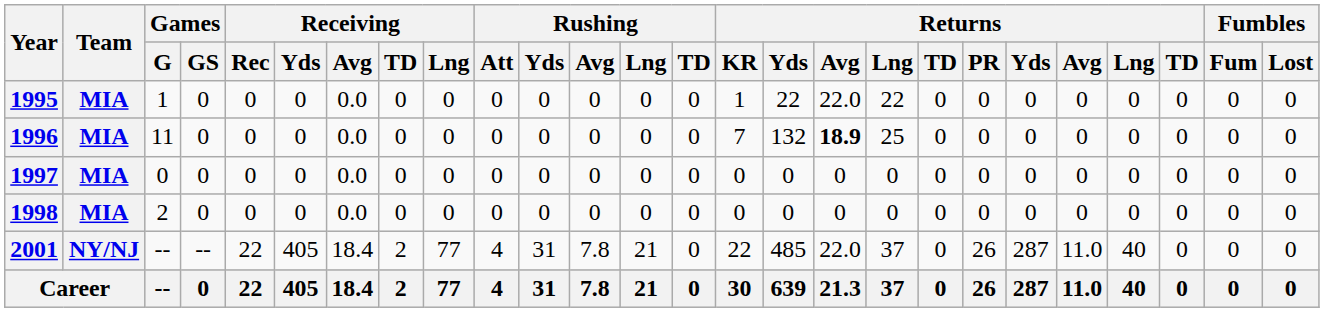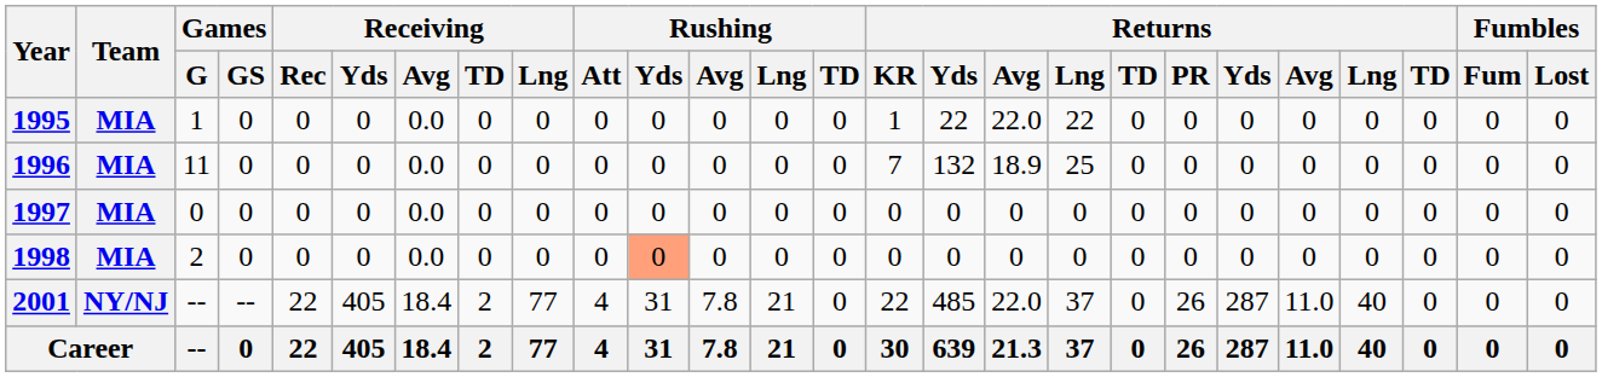 <table class="wikitable" style="text-align:center;">
 <tr>
 <th rowspan="2">Year</th>
 <th rowspan="2">Team</th>
 <th colspan="2">Games</th>
 <th colspan="5">Receiving</th>
 <th colspan="5">Rushing</th>
 <th colspan="10">Returns</th>
 <th colspan="2">Fumbles</th>
 </tr>
 <tr>
 <th>G</th>
 <th>GS</th>
 <th>Rec</th>
 <th>Yds</th>
 <th>Avg</th>
 <th>TD</th>
 <th>Lng</th>
 <th>Att</th>
 <th>Yds</th>
 <th>Avg</th>
 <th>Lng</th>
 <th>TD</th>
 <th>KR</th>
 <th>Yds</th>
 <th>Avg</th>
 <th>Lng</th>
 <th>TD</th>
 <th>PR</th>
 <th>Yds</th>
 <th>Avg</th>
 <th>Lng</th>
 <th>TD</th>
 <th>Fum</th>
 <th>Lost</th>
 </tr>
 <tr>
 <th><a href='#'>1995</a></th>
 <th><a href='#'>MIA</a></th>
 <td>1</td>
 <td>0</td>
 <td>0</td>
 <td>0</td>
 <td>0.0</td>
 <td>0</td>
 <td>0</td>
 <td>0</td>
 <td>0</td>
 <td>0</td>
 <td>0</td>
 <td>0</td>
 <td>1</td>
 <td>22</td>
 <td>22.0</td>
 <td>22</td>
 <td>0</td>
 <td>0</td>
 <td>0</td>
 <td>0</td>
 <td>0</td>
 <td>0</td>
 <td>0</td>
 <td>0</td>
 </tr>
 <tr>
 <th><a href='#'>1996</a></th>
 <th><a href='#'>MIA</a></th>
 <td>11</td>
 <td>0</td>
 <td>0</td>
 <td>0</td>
 <td>0.0</td>
 <td>0</td>
 <td>0</td>
 <td>0</td>
 <td>0</td>
 <td>0</td>
 <td>0</td>
 <td>0</td>
 <td>7</td>
 <td>132</td>
-<td><strong>18.9</strong></td>
+<td>18.9</td>
 <td>25</td>
 <td>0</td>
 <td>0</td>
 <td>0</td>
 <td>0</td>
 <td>0</td>
 <td>0</td>
 <td>0</td>
 <td>0</td>
 </tr>
 <tr>
 <th><a href='#'>1997</a></th>
 <th><a href='#'>MIA</a></th>
 <td>0</td>
 <td>0</td>
 <td>0</td>
 <td>0</td>
 <td>0.0</td>
 <td>0</td>
 <td>0</td>
 <td>0</td>
 <td>0</td>
 <td>0</td>
 <td>0</td>
 <td>0</td>
 <td>0</td>
 <td>0</td>
 <td>0</td>
 <td>0</td>
 <td>0</td>
 <td>0</td>
 <td>0</td>
 <td>0</td>
 <td>0</td>
 <td>0</td>
 <td>0</td>
 <td>0</td>
 </tr>
 <tr>
 <th><a href='#'>1998</a></th>
 <th><a href='#'>MIA</a></th>
 <td>2</td>
 <td>0</td>
 <td>0</td>
 <td>0</td>
 <td>0.0</td>
 <td>0</td>
 <td>0</td>
 <td>0</td>
-<td>0</td>
+<td style="background: lightsalmon;">0</td>
 <td>0</td>
 <td>0</td>
 <td>0</td>
 <td>0</td>
 <td>0</td>
 <td>0</td>
 <td>0</td>
 <td>0</td>
 <td>0</td>
 <td>0</td>
 <td>0</td>
 <td>0</td>
 <td>0</td>
 <td>0</td>
 <td>0</td>
 </tr>
 <tr>
 <th><a href='#'>2001</a></th>
 <th><a href='#'>NY/NJ</a></th>
 <td>--</td>
 <td>--</td>
 <td>22</td>
 <td>405</td>
 <td>18.4</td>
 <td>2</td>
 <td>77</td>
 <td>4</td>
 <td>31</td>
 <td>7.8</td>
 <td>21</td>
 <td>0</td>
 <td>22</td>
 <td>485</td>
 <td>22.0</td>
 <td>37</td>
 <td>0</td>
 <td>26</td>
 <td>287</td>
 <td>11.0</td>
 <td>40</td>
 <td>0</td>
 <td>0</td>
 <td>0</td>
 </tr>
 <tr class="sortbottom" style="background:#eee;">
 <th colspan="2">Career</th>
 <th>--</th>
 <th>0</th>
 <th>22</th>
 <th>405</th>
 <th>18.4</th>
 <th>2</th>
 <th>77</th>
 <th>4</th>
 <th>31</th>
 <th>7.8</th>
 <th>21</th>
 <th>0</th>
 <th>30</th>
 <th>639</th>
 <th>21.3</th>
 <th>37</th>
 <th>0</th>
 <th>26</th>
 <th>287</th>
 <th>11.0</th>
 <th>40</th>
 <th>0</th>
 <th>0</th>
 <th>0</th>
 </tr>
 </table>
